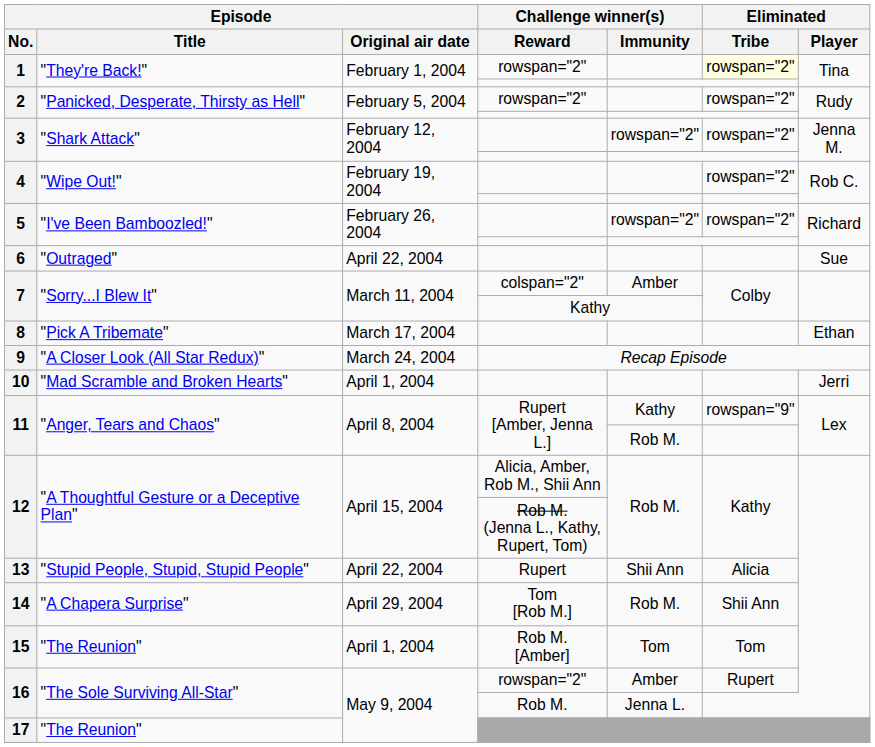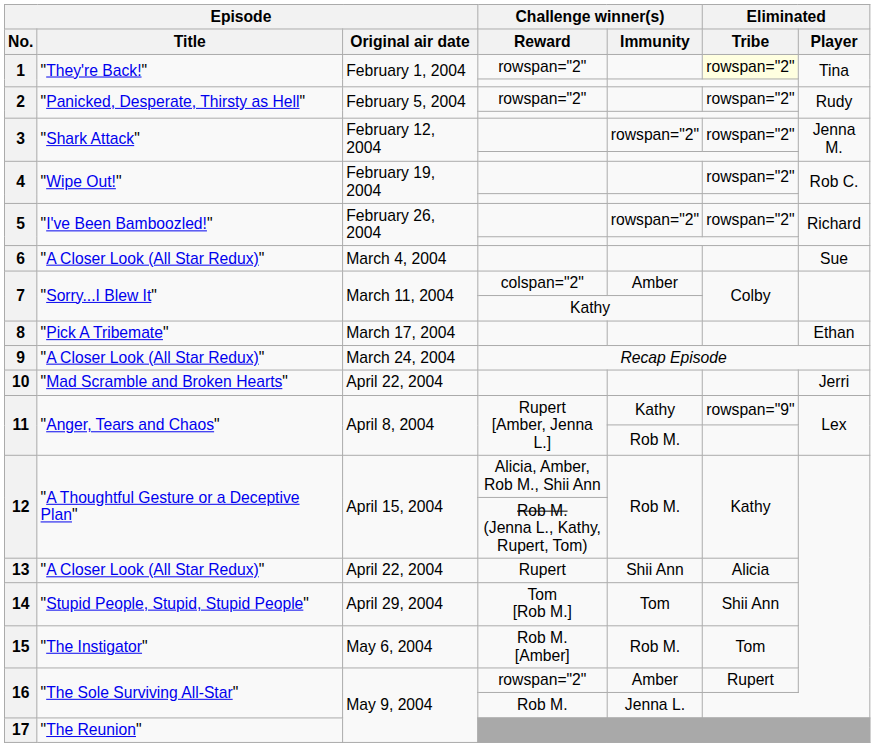 <table class="wikitable nowrap" style="margin:auto; text-align:center;">
 <tr>
 <th scope="colgroup" colspan="3">Episode</th>
 <th scope="colgroup" colspan="2">Challenge winner(s)</th>
 <th scope="colgroup" colspan="2">Eliminated</th>
 </tr>
 <tr>
 <th scope="col">No.</th>
 <th scope="col">Title</th>
 <th scope="col">Original air date</th>
 <th scope="col">Reward</th>
 <th scope="col">Immunity</th>
 <th scope="col">Tribe</th>
 <th scope="col">Player</th>
 </tr>
 <tr>
 <th rowspan="2">1</th>
 <td rowspan="2" style="text-align:left;">"<a href='#'>They're Back!</a>"</td>
 <td rowspan="2" style="text-align:left;">February 1, 2004</td>
 <td>rowspan="2" </td>
 <td></td>
 <td style="background: lightyellow;">rowspan="2" </td>
 <td rowspan="2">Tina</td>
 </tr>
 <tr>
 <td></td>
 </tr>
 <tr>
 <th rowspan="2">2</th>
 <td rowspan="2" style="text-align:left;">"<a href='#'>Panicked, Desperate, Thirsty as Hell</a>"</td>
 <td rowspan="2" style="text-align:left;">February 5, 2004</td>
 <td>rowspan="2" </td>
 <td></td>
 <td>rowspan="2" </td>
 <td rowspan="2">Rudy</td>
 </tr>
 <tr>
 <td></td>
 </tr>
 <tr>
 <th rowspan="2">3</th>
 <td rowspan="2" style="text-align:left;">"<a href='#'>Shark Attack</a>"</td>
 <td rowspan="2" style="text-align:left;">February 12, 2004</td>
 <td></td>
 <td>rowspan="2" </td>
 <td>rowspan="2" </td>
 <td rowspan="2">Jenna M.</td>
 </tr>
 <tr>
 <td></td>
 </tr>
 <tr>
 <th rowspan="2">4</th>
 <td rowspan="2" style="text-align:left;">"<a href='#'>Wipe Out!</a>"</td>
 <td rowspan="2" style="text-align:left;">February 19, 2004</td>
 <td></td>
 <td></td>
 <td>rowspan="2" </td>
 <td rowspan="2">Rob C.</td>
 </tr>
 <tr>
 <td></td>
 <td></td>
 </tr>
 <tr>
 <th rowspan="2">5</th>
 <td rowspan="2" style="text-align:left;">"<a href='#'>I've Been Bamboozled!</a>"</td>
 <td rowspan="2" style="text-align:left;">February 26, 2004</td>
 <td></td>
 <td>rowspan="2" </td>
 <td>rowspan="2" </td>
 <td rowspan="2">Richard</td>
 </tr>
 <tr>
 <td></td>
 </tr>
 <tr>
 <th>6</th>
-<td style="text-align:left;">"<a href='#'>Outraged</a>"</td>
-<td style="text-align:left;">April 22, 2004</td>
+<td style="text-align:left;">"<a href='#'>A Closer Look (All Star Redux)</a>"</td>
+<td style="text-align:left;">March 4, 2004</td>
 <td></td>
 <td></td>
 <td></td>
 <td>Sue</td>
 </tr>
 <tr>
 <th rowspan="2">7</th>
 <td rowspan="2" style="text-align:left;">"<a href='#'>Sorry...I Blew It</a>"</td>
 <td rowspan="2" style="text-align:left;">March 11, 2004</td>
 <td>colspan="2" </td>
 <td>Amber</td>
 <td rowspan="2">Colby</td>
 </tr>
 <tr>
 <td colspan="2">Kathy</td>
 </tr>
 <tr>
 <th>8</th>
 <td style="text-align:left;">"<a href='#'>Pick A Tribemate</a>"</td>
 <td style="text-align:left;">March 17, 2004</td>
 <td></td>
 <td></td>
 <td></td>
 <td>Ethan</td>
 </tr>
 <tr>
 <th>9</th>
 <td style="text-align:left;">"<a href='#'>A Closer Look (All Star Redux)</a>"</td>
 <td style="text-align:left;">March 24, 2004</td>
 <td colspan="4"><em>Recap Episode</em></td>
 </tr>
 <tr>
 <th>10</th>
 <td style="text-align:left;">"<a href='#'>Mad Scramble and Broken Hearts</a>"</td>
-<td style="text-align:left;">April 1, 2004</td>
+<td style="text-align:left;">April 22, 2004</td>
 <td></td>
 <td></td>
 <td></td>
 <td>Jerri</td>
 </tr>
 <tr>
 <th rowspan="2">11</th>
 <td rowspan="2" style="text-align:left;">"<a href='#'>Anger, Tears and Chaos</a>"</td>
 <td rowspan="2" style="text-align:left;">April 8, 2004</td>
 <td rowspan="2">Rupert<br>[Amber, Jenna L.]</td>
 <td>Kathy</td>
 <td>rowspan="9" </td>
 <td rowspan="2">Lex</td>
 </tr>
 <tr>
 <td>Rob M.</td>
 </tr>
 <tr>
 <th rowspan="2">12</th>
 <td rowspan="2" style="text-align:left;">"<a href='#'>A Thoughtful Gesture or a Deceptive Plan</a>"</td>
 <td rowspan="2" style="text-align:left;">April 15, 2004</td>
 <td>Alicia, Amber,<br>Rob M., Shii Ann</td>
 <td rowspan="2">Rob M.</td>
 <td rowspan="2">Kathy</td>
 </tr>
 <tr>
 <td><s>Rob M.</s><br>(Jenna L., Kathy,<br>Rupert, Tom)</td>
 </tr>
 <tr>
 <th>13</th>
-<td style="text-align:left;">"<a href='#'>Stupid People, Stupid, Stupid People</a>"</td>
+<td style="text-align:left;">"<a href='#'>A Closer Look (All Star Redux)</a>"</td>
 <td style="text-align:left;">April 22, 2004</td>
 <td>Rupert</td>
 <td>Shii Ann</td>
 <td>Alicia</td>
 </tr>
 <tr>
 <th>14</th>
-<td style="text-align:left;">"<a href='#'>A Chapera Surprise</a>"</td>
+<td style="text-align:left;">"<a href='#'>Stupid People, Stupid, Stupid People</a>"</td>
 <td style="text-align:left;">April 29, 2004</td>
 <td>Tom<br>[Rob M.]</td>
-<td>Rob M.</td>
+<td>Tom</td>
 <td>Shii Ann</td>
 </tr>
 <tr>
 <th>15</th>
-<td style="text-align:left;">"<a href='#'>The Reunion</a>"</td>
-<td style="text-align:left;">April 1, 2004</td>
+<td style="text-align:left;">"<a href='#'>The Instigator</a>"</td>
+<td style="text-align:left;">May 6, 2004</td>
 <td>Rob M.<br>[Amber]</td>
-<td>Tom</td>
+<td>Rob M.</td>
 <td>Tom</td>
 </tr>
 <tr>
 <th rowspan="2">16</th>
 <td rowspan="2" style="text-align:left;">"<a href='#'>The Sole Surviving All-Star</a>"</td>
 <td rowspan="3" style="text-align:left;">May 9, 2004</td>
 <td>rowspan="2" </td>
 <td>Amber</td>
 <td>Rupert</td>
 </tr>
 <tr>
 <td>Rob M.</td>
 <td>Jenna L.</td>
 </tr>
 <tr>
 <th>17</th>
 <td style="text-align:left;">"<a href='#'>The Reunion</a>"</td>
 <td colspan="4" style="background-color:darkgrey;"></td>
 </tr>
 </table>
